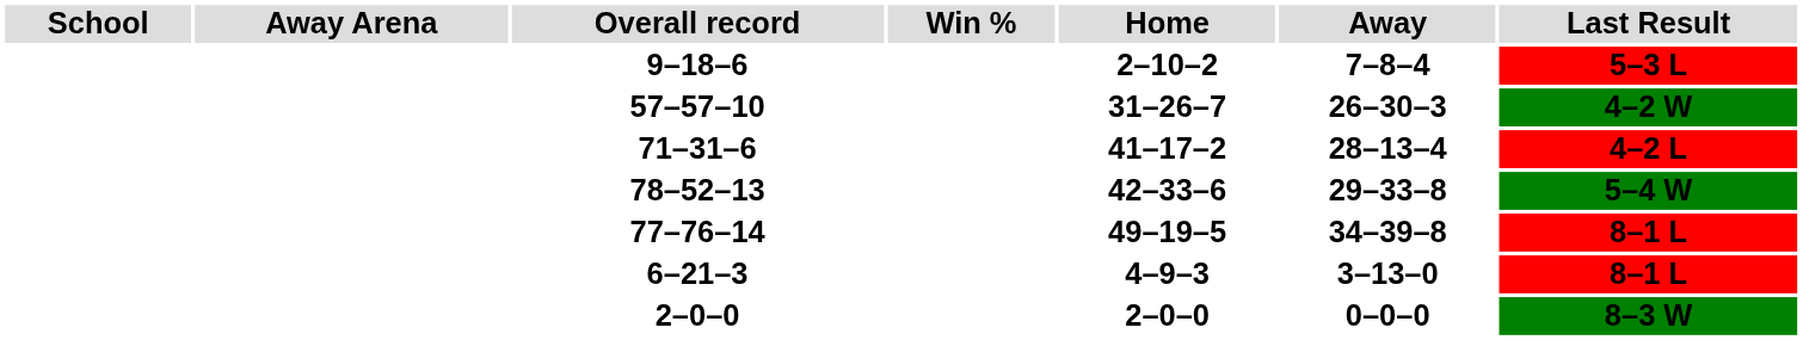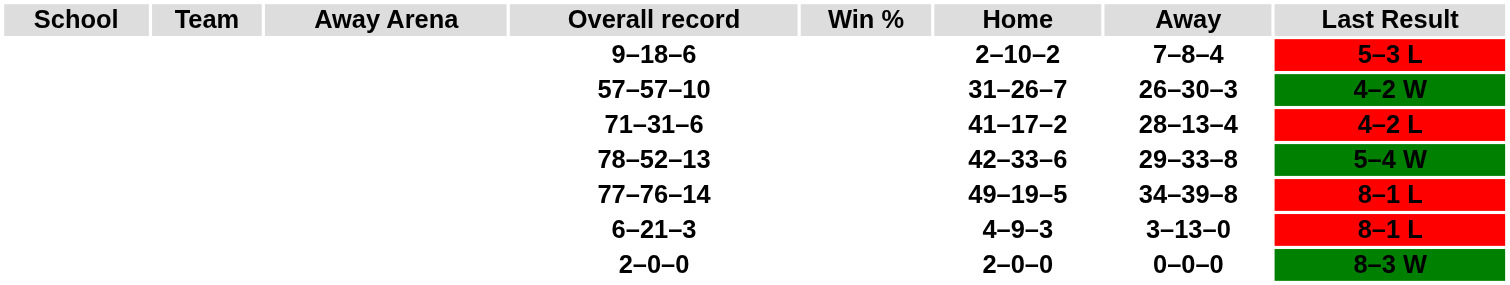 <table width="75%">
 <tr align="center"  bgcolor="#dddddd">
 <th>School</th>
+<th>Team</th>
 <th>Away Arena</th>
 <th>Overall record</th>
 <th>Win %</th>
 <th>Home</th>
 <th>Away</th>
 <th>Last Result</th>
 </tr>
 <tr align="center">
+<td><strong><a href='#'></a></strong></td>
 <td><strong><a href='#'></a></strong></td>
 <td><strong><a href='#'></a> </strong></td>
 <td><strong>9–18–6</strong></td>
 <td><strong></strong></td>
 <td><strong>2–10–2</strong></td>
 <td><strong>7–8–4</strong></td>
 <td bgcolor=red><strong>5–3 L</strong></td>
 </tr>
 <tr align="center">
 <td><strong><a href='#'></a></strong></td>
 <td><strong><a href='#'></a></strong></td>
+<td><strong><a href='#'></a></strong></td>
 <td><strong>57–57–10</strong></td>
 <td><strong></strong></td>
 <td><strong>31–26–7</strong></td>
 <td><strong>26–30–3</strong></td>
 <td bgcolor=green><strong>4–2 W</strong></td>
 </tr>
 <tr align="center">
+<td><strong><a href='#'></a></strong></td>
 <td><strong><a href='#'></a></strong></td>
 <td><strong><a href='#'></a> </strong></td>
 <td><strong>71–31–6</strong></td>
 <td><strong></strong></td>
 <td><strong>41–17–2</strong></td>
 <td><strong>28–13–4</strong></td>
 <td bgcolor=red><strong>4–2 L</strong></td>
 </tr>
 <tr align="center">
 <td><strong><a href='#'></a></strong></td>
+<td><strong><a href='#'></a></strong></td>
 <td><strong><a href='#'></a> </strong></td>
 <td><strong>78–52–13</strong></td>
 <td><strong></strong></td>
 <td><strong>42–33–6</strong></td>
 <td><strong>29–33–8</strong></td>
 <td bgcolor=green><strong>5–4 W</strong></td>
 </tr>
 <tr align="center">
+<td><strong><a href='#'></a></strong></td>
 <td><strong><a href='#'></a></strong></td>
 <td><strong><a href='#'></a> </strong></td>
 <td><strong>77–76–14</strong></td>
 <td><strong></strong></td>
 <td><strong>49–19–5</strong></td>
 <td><strong>34–39–8</strong></td>
 <td bgcolor=red><strong>8–1 L</strong></td>
 </tr>
 <tr align="center">
 <td><strong><a href='#'></a></strong></td>
 <td><strong><a href='#'></a></strong></td>
+<td><strong><a href='#'></a></strong></td>
 <td><strong>6–21–3</strong></td>
 <td><strong></strong></td>
 <td><strong>4–9–3</strong></td>
 <td><strong>3–13–0</strong></td>
 <td bgcolor=red><strong>8–1 L</strong></td>
 </tr>
 <tr align="center">
 <td><strong><a href='#'></a></strong></td>
 <td><strong><a href='#'></a></strong></td>
+<td><strong><a href='#'></a></strong></td>
 <td><strong>2–0–0</strong></td>
 <td><strong></strong></td>
 <td><strong>2–0–0</strong></td>
 <td><strong>0–0–0</strong></td>
 <td bgcolor=green><strong>8–3 W</strong></td>
 </tr>
 </table>
